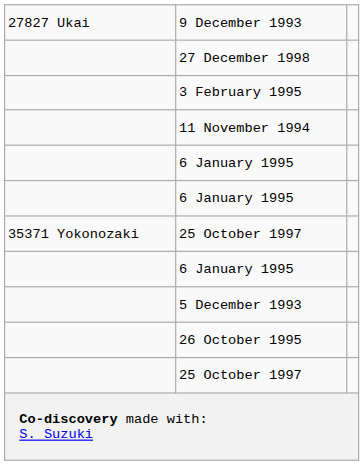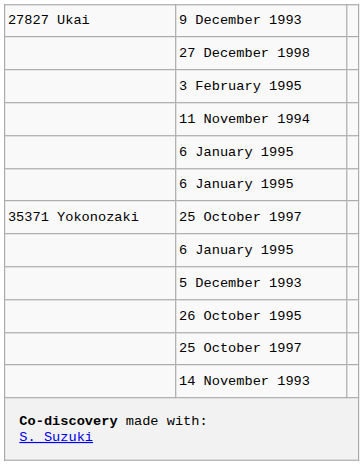 <table class="wikitable" style="font-size: 89%; float: left; width: 26em; margin-right: 1em; height: 387px;">
 <tr>
 <td>27827 Ukai</td>
 <td>9 December 1993</td>
 <td> </td>
 </tr>
 <tr>
 <td></td>
 <td>27 December 1998</td>
 <td> </td>
 </tr>
 <tr>
 <td></td>
 <td>3 February 1995</td>
 <td> </td>
 </tr>
 <tr>
 <td></td>
 <td>11 November 1994</td>
 <td> </td>
 </tr>
 <tr>
 <td></td>
 <td>6 January 1995</td>
 <td> </td>
 </tr>
 <tr>
 <td></td>
 <td>6 January 1995</td>
 <td> </td>
 </tr>
 <tr>
 <td>35371 Yokonozaki</td>
 <td>25 October 1997</td>
 <td> </td>
 </tr>
 <tr>
 <td></td>
 <td>6 January 1995</td>
 <td> </td>
 </tr>
 <tr>
 <td></td>
 <td>5 December 1993</td>
 <td> </td>
 </tr>
 <tr>
 <td></td>
 <td>26 October 1995</td>
 <td> </td>
 </tr>
 <tr>
 <td></td>
 <td>25 October 1997</td>
 <td> </td>
 </tr>
 <tr>
+<td></td>
+<td>14 November 1993</td>
+<td> </td>
+</tr>
+<tr>
 <th colspan=3 style="font-weight: normal; text-align: left; padding: 4px 12px;"><strong>Co-discovery</strong> made with:<br> <a href='#'>S. Suzuki</a></th>
 </tr>
 </table>
